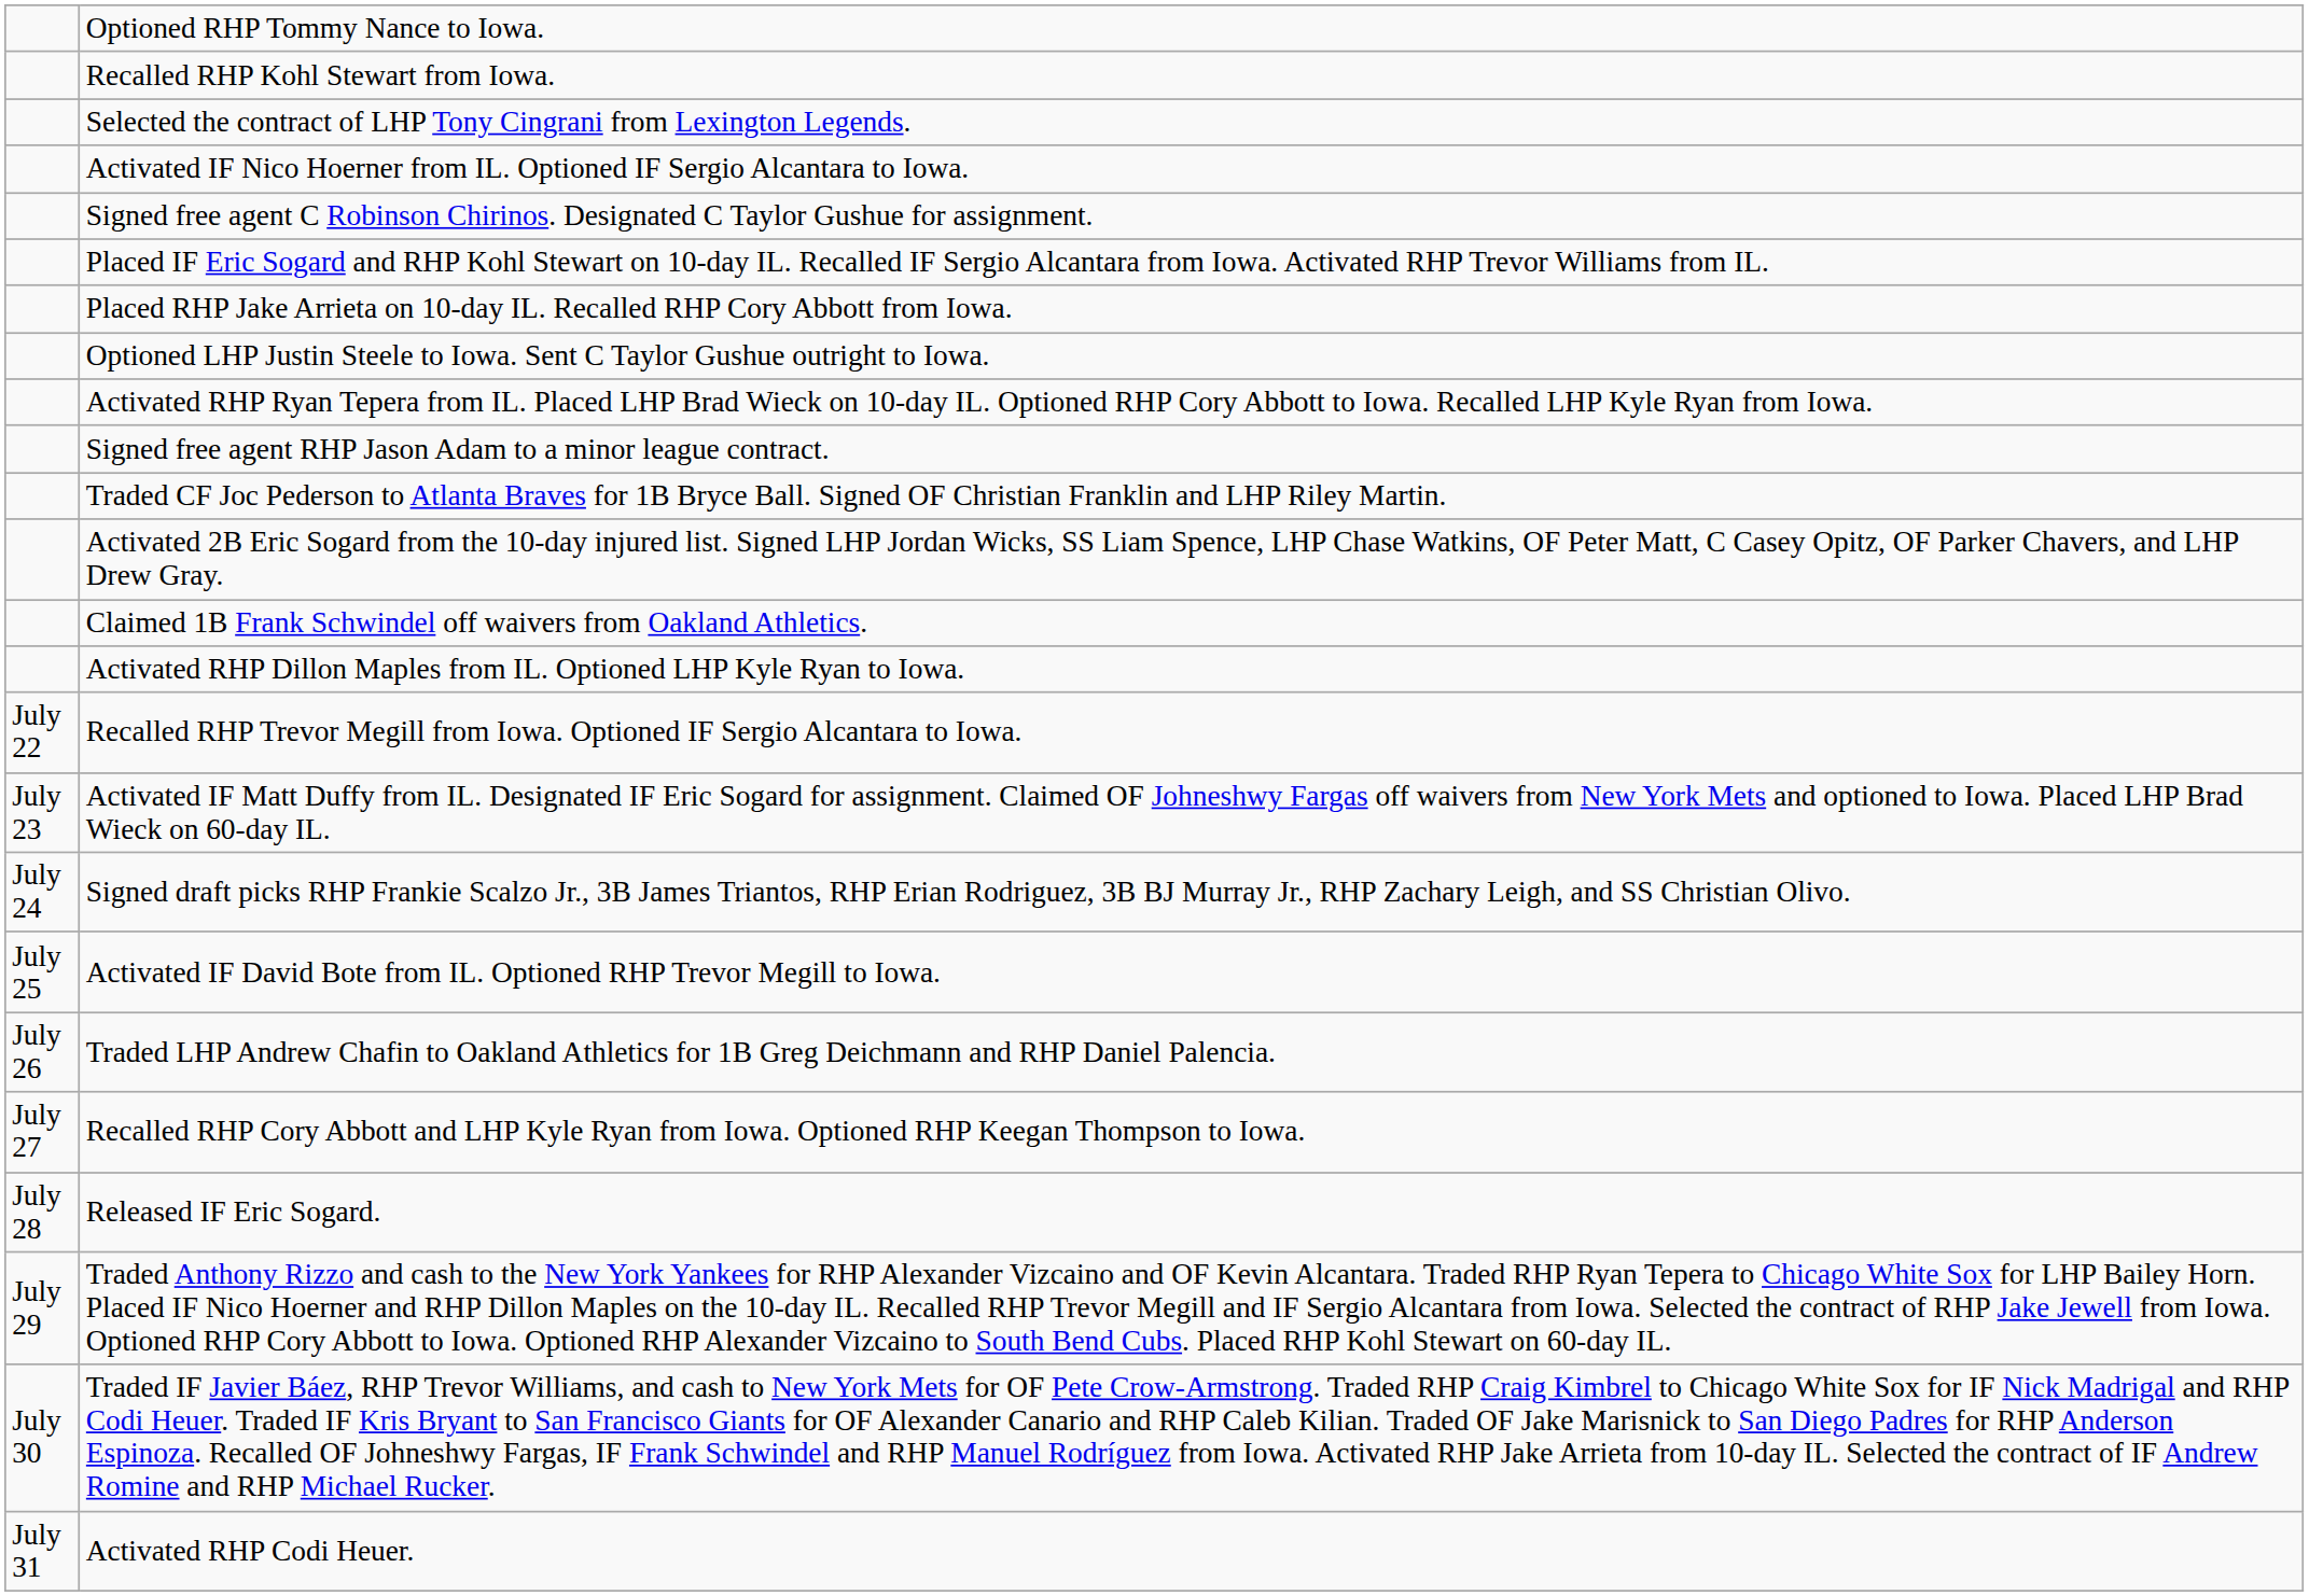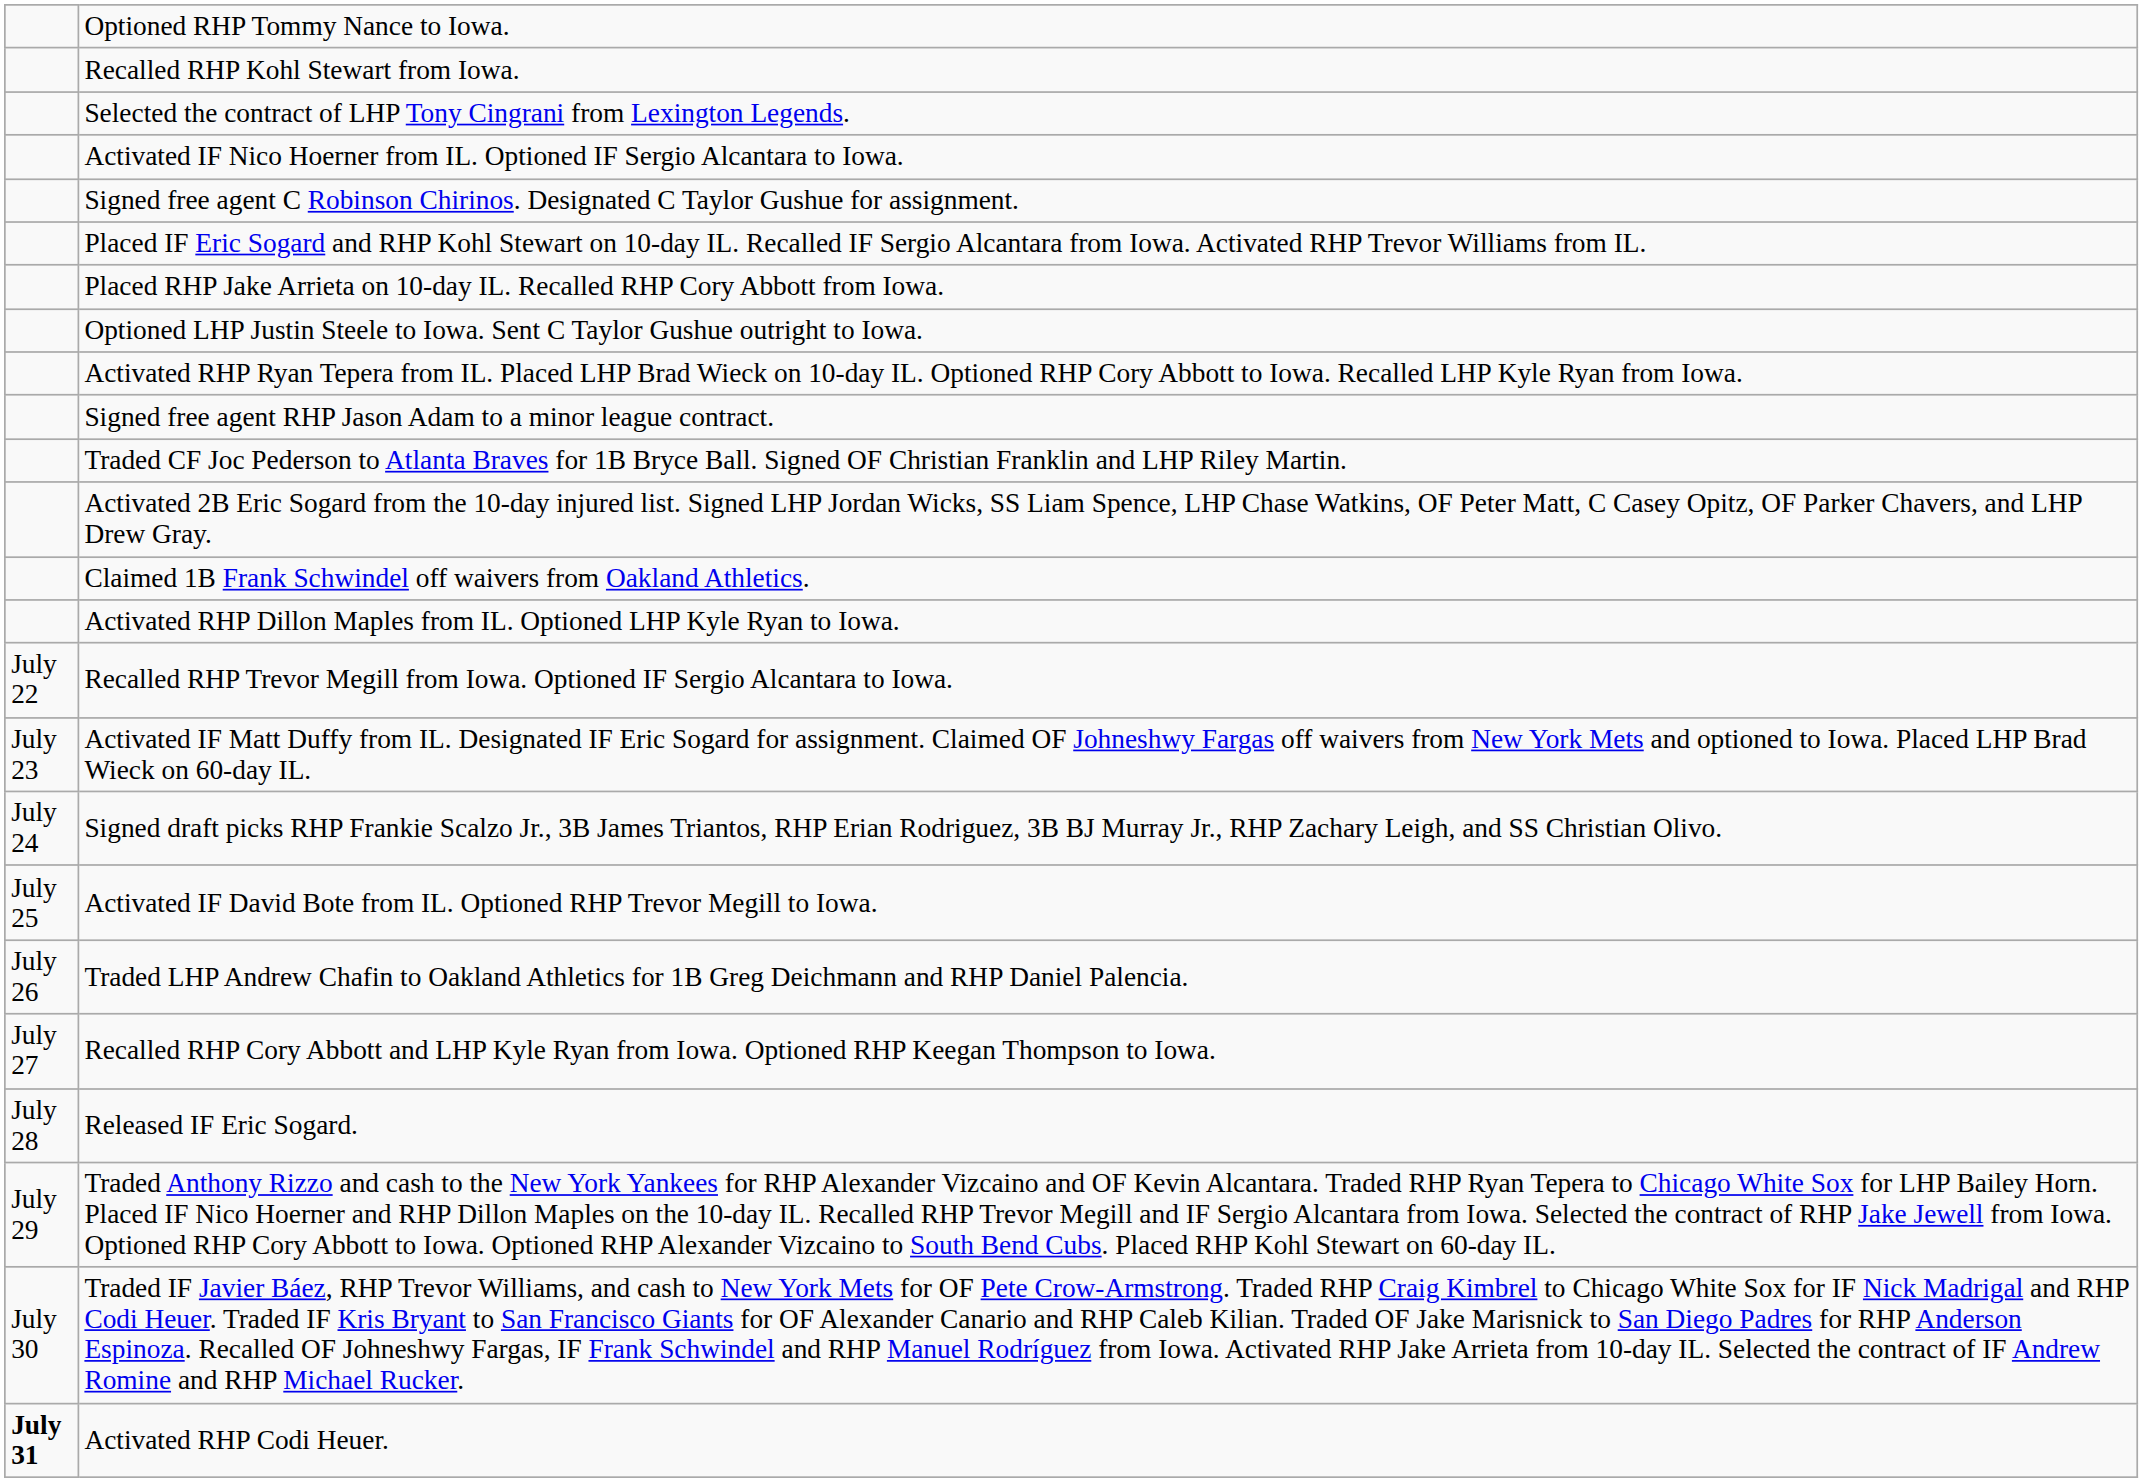 <table class="wikitable">
 <tr>
 <td></td>
 <td>Optioned RHP Tommy Nance to Iowa.</td>
 </tr>
 <tr>
 <td></td>
 <td>Recalled RHP Kohl Stewart from Iowa.</td>
 </tr>
 <tr>
 <td></td>
 <td>Selected the contract of LHP <a href='#'>Tony Cingrani</a> from <a href='#'>Lexington Legends</a>.</td>
 </tr>
 <tr>
 <td></td>
 <td>Activated IF Nico Hoerner from IL. Optioned IF Sergio Alcantara to Iowa.</td>
 </tr>
 <tr>
 <td></td>
 <td>Signed free agent C <a href='#'>Robinson Chirinos</a>. Designated C Taylor Gushue for assignment.</td>
 </tr>
 <tr>
 <td></td>
 <td>Placed IF <a href='#'>Eric Sogard</a> and RHP Kohl Stewart on 10-day IL. Recalled IF Sergio Alcantara from Iowa. Activated RHP Trevor Williams from IL.</td>
 </tr>
 <tr>
 <td></td>
 <td>Placed RHP Jake Arrieta on 10-day IL. Recalled RHP Cory Abbott from Iowa.</td>
 </tr>
 <tr>
 <td></td>
 <td>Optioned LHP Justin Steele to Iowa. Sent C Taylor Gushue outright to Iowa.</td>
 </tr>
 <tr>
 <td></td>
 <td>Activated RHP Ryan Tepera from IL. Placed LHP Brad Wieck on 10-day IL. Optioned RHP Cory Abbott to Iowa. Recalled LHP Kyle Ryan from Iowa.</td>
 </tr>
 <tr>
 <td></td>
 <td>Signed free agent RHP Jason Adam to a minor league contract.</td>
 </tr>
 <tr>
 <td></td>
 <td>Traded CF Joc Pederson to <a href='#'>Atlanta Braves</a> for 1B Bryce Ball. Signed OF Christian Franklin and LHP Riley Martin.</td>
 </tr>
 <tr>
 <td></td>
 <td>Activated 2B Eric Sogard from the 10-day injured list. Signed LHP Jordan Wicks, SS Liam Spence, LHP Chase Watkins, OF Peter Matt, C Casey Opitz, OF Parker Chavers, and LHP Drew Gray.</td>
 </tr>
 <tr>
 <td></td>
 <td>Claimed 1B <a href='#'>Frank Schwindel</a> off waivers from <a href='#'>Oakland Athletics</a>.</td>
 </tr>
 <tr>
 <td></td>
 <td>Activated RHP Dillon Maples from IL. Optioned LHP Kyle Ryan to Iowa.</td>
 </tr>
 <tr>
 <td>July 22</td>
 <td>Recalled RHP Trevor Megill from Iowa. Optioned IF Sergio Alcantara to Iowa.</td>
 </tr>
 <tr>
 <td>July 23</td>
 <td>Activated IF Matt Duffy from IL. Designated IF Eric Sogard for assignment. Claimed OF <a href='#'>Johneshwy Fargas</a> off waivers from <a href='#'>New York Mets</a> and optioned to Iowa. Placed LHP Brad Wieck on 60-day IL.</td>
 </tr>
 <tr>
 <td>July 24</td>
 <td>Signed draft picks RHP Frankie Scalzo Jr., 3B James Triantos, RHP Erian Rodriguez, 3B BJ Murray Jr., RHP Zachary Leigh, and SS Christian Olivo.</td>
 </tr>
 <tr>
 <td>July 25</td>
 <td>Activated IF David Bote from IL. Optioned RHP Trevor Megill to Iowa.</td>
 </tr>
 <tr>
 <td>July 26</td>
 <td>Traded LHP Andrew Chafin to Oakland Athletics for 1B Greg Deichmann and RHP Daniel Palencia.</td>
 </tr>
 <tr>
 <td>July 27</td>
 <td>Recalled RHP Cory Abbott and LHP Kyle Ryan from Iowa. Optioned RHP Keegan Thompson to Iowa.</td>
 </tr>
 <tr>
 <td>July 28</td>
 <td>Released IF Eric Sogard.</td>
 </tr>
 <tr>
 <td>July 29</td>
 <td>Traded <a href='#'>Anthony Rizzo</a> and cash to the <a href='#'>New York Yankees</a> for RHP Alexander Vizcaino and OF Kevin Alcantara. Traded RHP Ryan Tepera to <a href='#'>Chicago White Sox</a> for LHP Bailey Horn. Placed IF Nico Hoerner and RHP Dillon Maples on the 10-day IL. Recalled RHP Trevor Megill and IF Sergio Alcantara from Iowa. Selected the contract of RHP <a href='#'>Jake Jewell</a> from Iowa. Optioned RHP Cory Abbott  to Iowa. Optioned RHP Alexander Vizcaino to <a href='#'>South Bend Cubs</a>. Placed RHP Kohl Stewart on 60-day IL.</td>
 </tr>
 <tr>
 <td>July 30</td>
 <td>Traded IF <a href='#'>Javier Báez</a>, RHP Trevor Williams, and cash to <a href='#'>New York Mets</a> for OF <a href='#'>Pete Crow-Armstrong</a>. Traded RHP <a href='#'>Craig Kimbrel</a> to Chicago White Sox for IF <a href='#'>Nick Madrigal</a> and RHP <a href='#'>Codi Heuer</a>. Traded IF <a href='#'>Kris Bryant</a> to <a href='#'>San Francisco Giants</a> for OF Alexander Canario and RHP Caleb Kilian. Traded OF Jake Marisnick to <a href='#'>San Diego Padres</a> for RHP <a href='#'>Anderson Espinoza</a>. Recalled OF Johneshwy Fargas, IF <a href='#'>Frank Schwindel</a> and RHP <a href='#'>Manuel Rodríguez</a> from Iowa. Activated RHP Jake Arrieta from 10-day IL. Selected the contract of IF <a href='#'>Andrew Romine</a> and RHP <a href='#'>Michael Rucker</a>.</td>
 </tr>
 <tr>
-<td>July 31</td>
+<td><strong>July 31</strong></td>
 <td>Activated RHP Codi Heuer.</td>
 </tr>
 </table>
